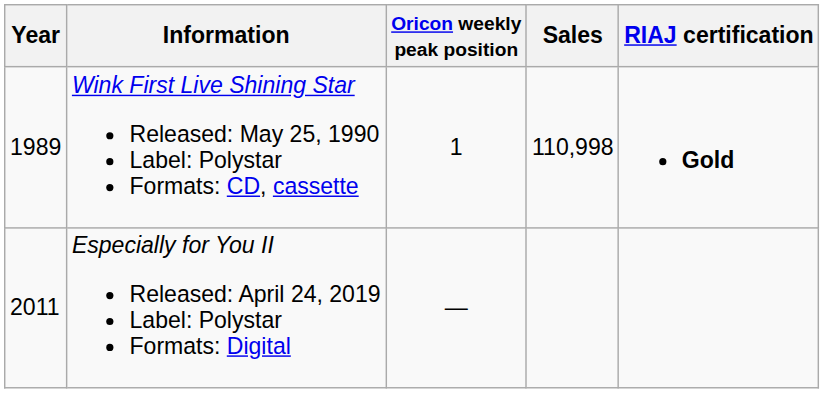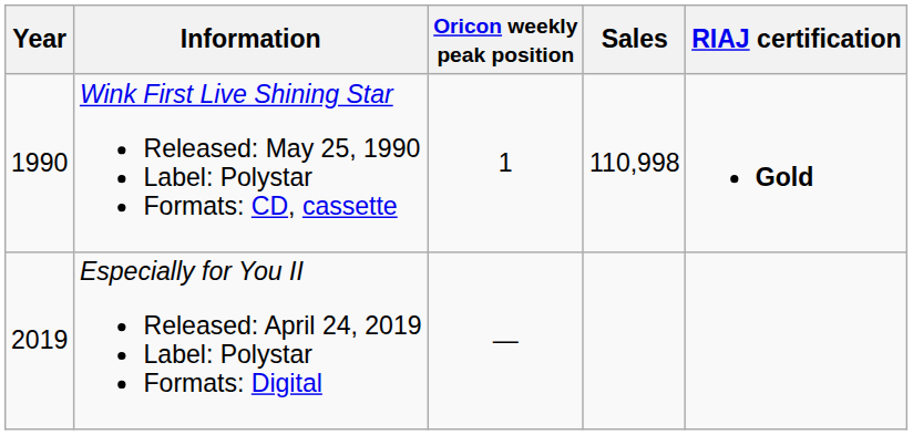 <table class="wikitable">
 <tr>
 <th>Year</th>
 <th>Information</th>
 <th><small><a href='#'>Oricon</a> weekly<br>peak position</small></th>
 <th>Sales<br></th>
 <th><a href='#'>RIAJ</a> certification</th>
 </tr>
 <tr>
-<td>1989</td>
+<td>1990</td>
 <td><em><a href='#'>Wink First Live Shining Star</a></em><br><ul><li>Released: May 25, 1990</li><li>Label: Polystar</li><li>Formats: <a href='#'>CD</a>, <a href='#'>cassette</a></li></ul></td>
 <td style="text-align:center;">1</td>
 <td align="left">110,998</td>
 <td align="left"><strong><br><ul><li>Gold</li></ul></strong></td>
 </tr>
 <tr>
-<td>2011</td>
+<td>2019</td>
 <td><em>Especially for You II</em><br><ul><li>Released: April 24, 2019</li><li>Label: Polystar</li><li>Formats: <a href='#'>Digital</a></li></ul></td>
 <td style="text-align:center;">—</td>
 <td align="left"></td>
 <td align="left"></td>
 </tr>
 </table>
